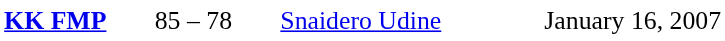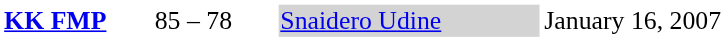 <table style="text-align:center">
 <tr>
 <th width=160></th>
 <th width=100></th>
 <th width=160></th>
 <th width=200></th>
 </tr>
 <tr>
 <td align=right><strong><a href='#'>KK FMP</a></strong> </td>
 <td>85 – 78</td>
-<td align=left> <a href='#'>Snaidero Udine</a></td>
+<td align=left style="background: lightgrey;"> <a href='#'>Snaidero Udine</a></td>
 <td align=left>January 16, 2007</td>
 </tr>
 </table>
